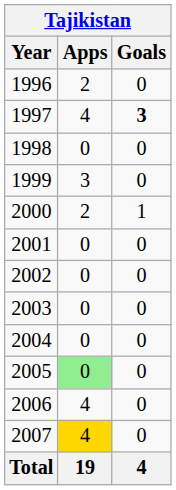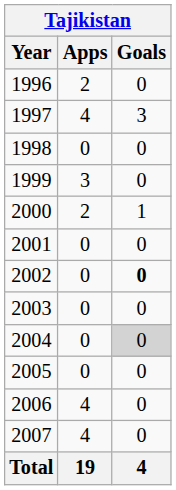 <table class="wikitable" style="text-align:center">
 <tr>
 <th colspan=3><a href='#'>Tajikistan</a></th>
 </tr>
 <tr>
 <th>Year</th>
 <th>Apps</th>
 <th>Goals</th>
 </tr>
 <tr>
 <td>1996</td>
 <td>2</td>
 <td>0</td>
 </tr>
 <tr>
 <td>1997</td>
 <td>4</td>
-<td><strong>3</strong></td>
+<td>3</td>
 </tr>
 <tr>
 <td>1998</td>
 <td>0</td>
 <td>0</td>
 </tr>
 <tr>
 <td>1999</td>
 <td>3</td>
 <td>0</td>
 </tr>
 <tr>
 <td>2000</td>
 <td>2</td>
 <td>1</td>
 </tr>
 <tr>
 <td>2001</td>
 <td>0</td>
 <td>0</td>
 </tr>
 <tr>
 <td>2002</td>
 <td>0</td>
-<td>0</td>
+<td><strong>0</strong></td>
 </tr>
 <tr>
 <td>2003</td>
 <td>0</td>
 <td>0</td>
 </tr>
 <tr>
 <td>2004</td>
 <td>0</td>
-<td>0</td>
+<td style="background: lightgrey;">0</td>
 </tr>
 <tr>
 <td>2005</td>
-<td style="background: lightgreen;">0</td>
+<td>0</td>
 <td>0</td>
 </tr>
 <tr>
 <td>2006</td>
 <td>4</td>
 <td>0</td>
 </tr>
 <tr>
 <td>2007</td>
-<td style="background: gold;">4</td>
+<td>4</td>
 <td>0</td>
 </tr>
 <tr>
 <th>Total</th>
 <th>19</th>
 <th>4</th>
 </tr>
 </table>
